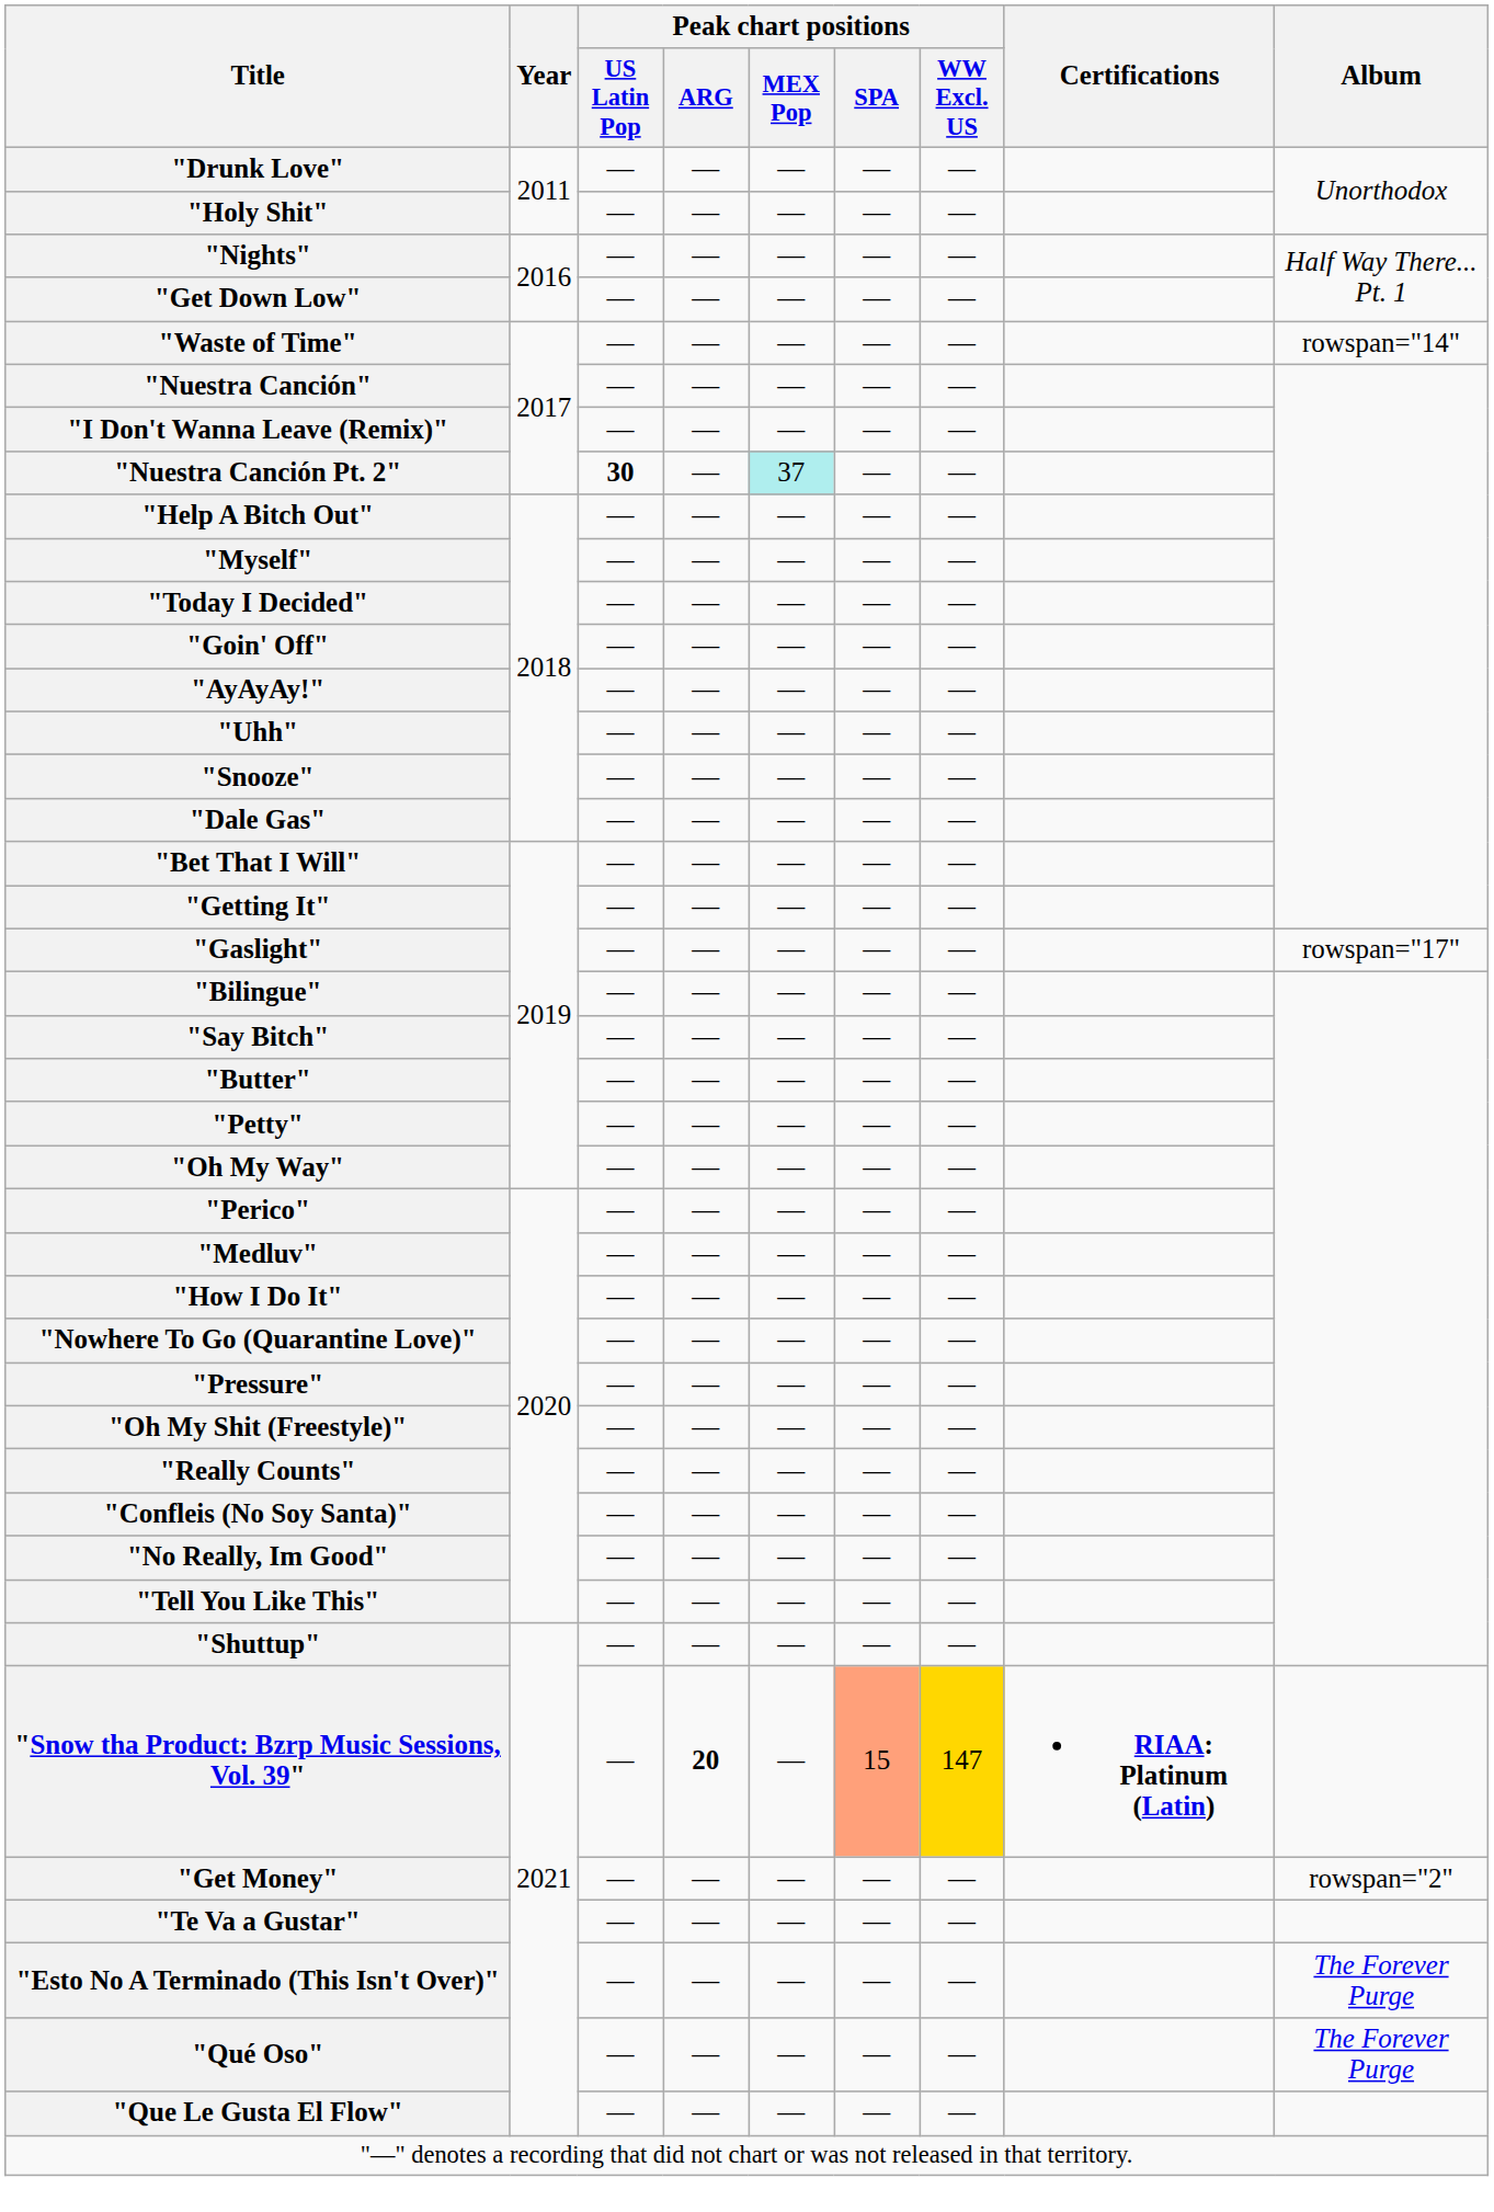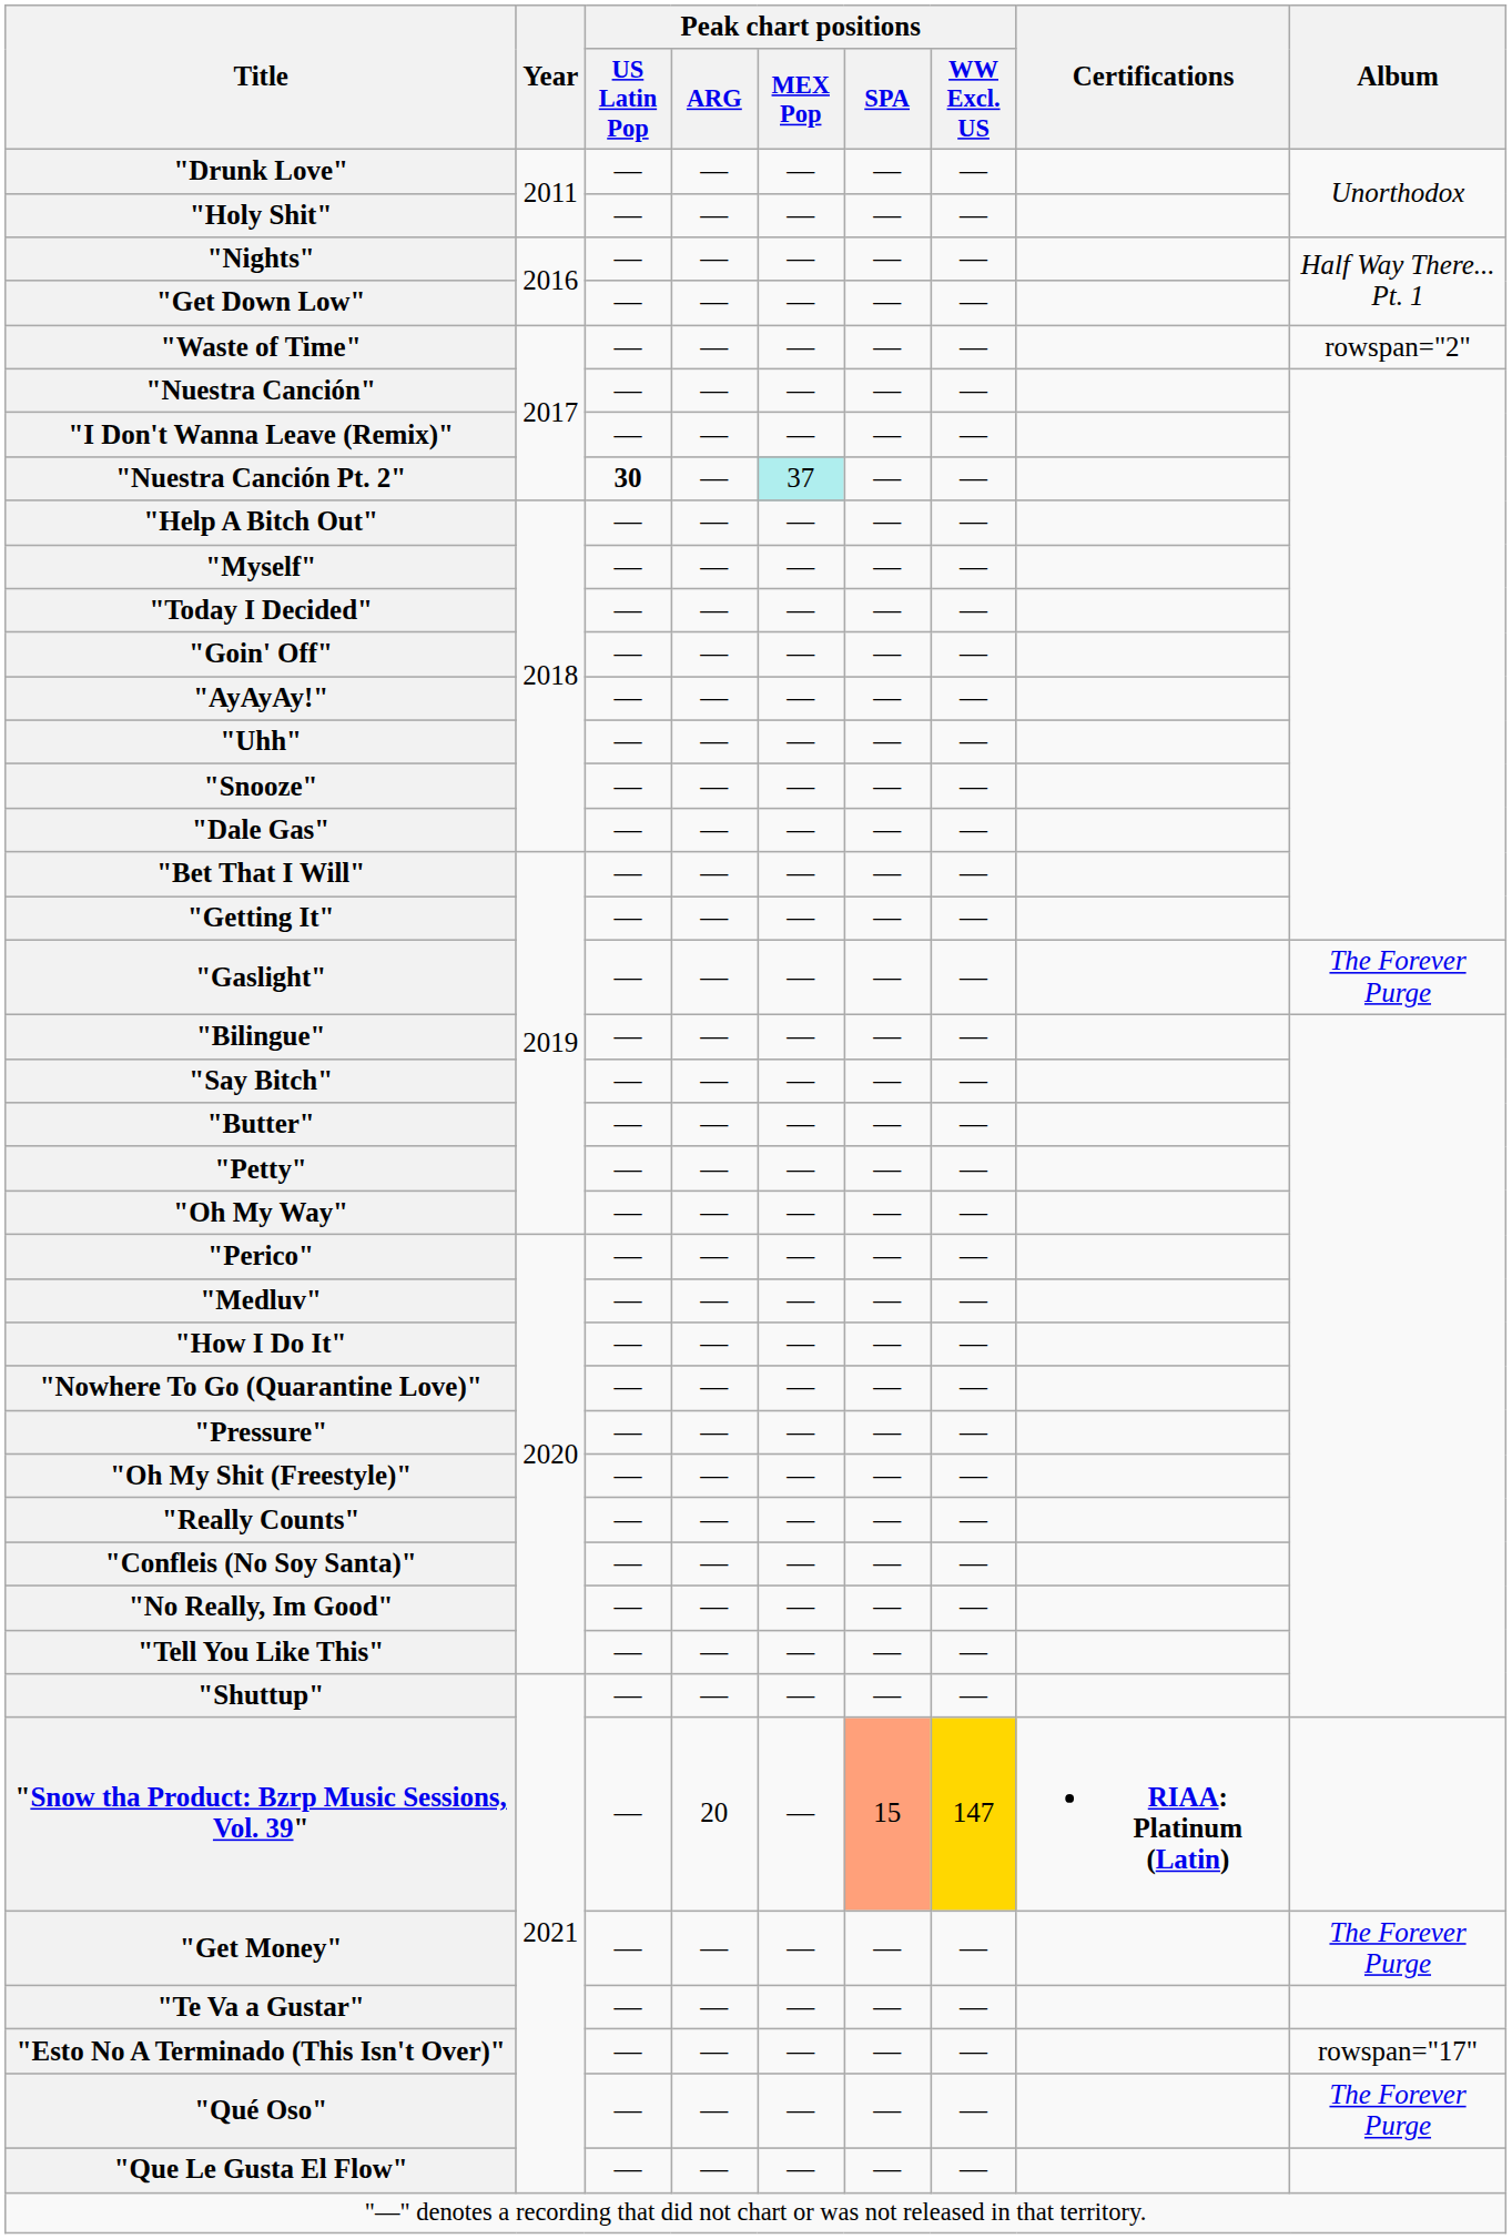 <table class="wikitable plainrowheaders" style="text-align:center;">
 <tr>
 <th scope="col" rowspan="2" style="width:18em;">Title</th>
 <th scope="col" rowspan="2">Year</th>
 <th scope="col" colspan="5">Peak chart positions</th>
 <th scope="col" rowspan="2">Certifications</th>
 <th scope="col" rowspan="2">Album</th>
 </tr>
 <tr>
 <th scope="col" style="width:3em;font-size:90%;"><a href='#'>US<br>Latin<br>Pop</a><br></th>
 <th scope="col" style="width:3em;font-size:90%;"><a href='#'>ARG</a><br></th>
 <th scope="col" style="width:3em;font-size:90%;"><a href='#'>MEX<br>Pop</a><br></th>
 <th scope="col" style="width:3em;font-size:90%;"><a href='#'>SPA</a><br></th>
 <th scope="col" style="width:3em;font-size:90%;"><a href='#'>WW<br>Excl.<br>US</a><br></th>
 </tr>
 <tr>
 <th scope="row">"Drunk Love"</th>
 <td rowspan="2">2011</td>
 <td>—</td>
 <td>—</td>
 <td>—</td>
 <td>—</td>
 <td>—</td>
 <td></td>
 <td rowspan="2"><em>Unorthodox</em></td>
 </tr>
 <tr>
 <th scope="row">"Holy Shit"</th>
 <td>—</td>
 <td>—</td>
 <td>—</td>
 <td>—</td>
 <td>—</td>
 <td></td>
 </tr>
 <tr>
 <th scope="row">"Nights"<br></th>
 <td rowspan="2">2016</td>
 <td>—</td>
 <td>—</td>
 <td>—</td>
 <td>—</td>
 <td>—</td>
 <td></td>
 <td rowspan="2"><em>Half Way There... Pt. 1</em></td>
 </tr>
 <tr>
 <th scope="row">"Get Down Low"</th>
 <td>—</td>
 <td>—</td>
 <td>—</td>
 <td>—</td>
 <td>—</td>
 <td></td>
 </tr>
 <tr>
 <th scope="row">"Waste of Time"</th>
 <td rowspan="4">2017</td>
 <td>—</td>
 <td>—</td>
 <td>—</td>
 <td>—</td>
 <td>—</td>
 <td></td>
-<td>rowspan="14" </td>
+<td>rowspan="2" </td>
 </tr>
 <tr>
 <th scope="row">"Nuestra Canción"<br></th>
 <td>—</td>
 <td>—</td>
 <td>—</td>
 <td>—</td>
 <td>—</td>
 <td></td>
 </tr>
 <tr>
 <th scope="row">"I Don't Wanna Leave (Remix)"<br></th>
 <td>—</td>
 <td>—</td>
 <td>—</td>
 <td>—</td>
 <td>—</td>
 <td></td>
 </tr>
 <tr>
 <th scope="row">"Nuestra Canción Pt. 2"<br></th>
 <td><strong>30</strong></td>
 <td>—</td>
 <td style="background: paleturquoise;">37</td>
 <td>—</td>
 <td>—</td>
 <td></td>
 </tr>
 <tr>
 <th scope="row">"Help A Bitch Out"<br></th>
 <td rowspan="8">2018</td>
 <td>—</td>
 <td>—</td>
 <td>—</td>
 <td>—</td>
 <td>—</td>
 <td></td>
 </tr>
 <tr>
 <th scope="row">"Myself"<br></th>
 <td>—</td>
 <td>—</td>
 <td>—</td>
 <td>—</td>
 <td>—</td>
 <td></td>
 </tr>
 <tr>
 <th scope="row">"Today I Decided"</th>
 <td>—</td>
 <td>—</td>
 <td>—</td>
 <td>—</td>
 <td>—</td>
 <td></td>
 </tr>
 <tr>
 <th scope="row">"Goin' Off"</th>
 <td>—</td>
 <td>—</td>
 <td>—</td>
 <td>—</td>
 <td>—</td>
 <td></td>
 </tr>
 <tr>
 <th scope="row">"AyAyAy!"</th>
 <td>—</td>
 <td>—</td>
 <td>—</td>
 <td>—</td>
 <td>—</td>
 <td></td>
 </tr>
 <tr>
 <th scope="row">"Uhh"</th>
 <td>—</td>
 <td>—</td>
 <td>—</td>
 <td>—</td>
 <td>—</td>
 <td></td>
 </tr>
 <tr>
 <th scope="row">"Snooze"</th>
 <td>—</td>
 <td>—</td>
 <td>—</td>
 <td>—</td>
 <td>—</td>
 <td></td>
 </tr>
 <tr>
 <th scope="row">"Dale Gas"<br></th>
 <td>—</td>
 <td>—</td>
 <td>—</td>
 <td>—</td>
 <td>—</td>
 <td></td>
 </tr>
 <tr>
 <th scope="row">"Bet That I Will"</th>
 <td rowspan="8">2019</td>
 <td>—</td>
 <td>—</td>
 <td>—</td>
 <td>—</td>
 <td>—</td>
 <td></td>
 </tr>
 <tr>
 <th scope="row">"Getting It"</th>
 <td>—</td>
 <td>—</td>
 <td>—</td>
 <td>—</td>
 <td>—</td>
 <td></td>
 </tr>
 <tr>
 <th scope="row">"Gaslight"</th>
 <td>—</td>
 <td>—</td>
 <td>—</td>
 <td>—</td>
 <td>—</td>
 <td></td>
-<td>rowspan="17" </td>
+<td><em><a href='#'>The Forever Purge</a></em></td>
 </tr>
 <tr>
 <th scope="row">"Bilingue"</th>
 <td>—</td>
 <td>—</td>
 <td>—</td>
 <td>—</td>
 <td>—</td>
 <td></td>
 </tr>
 <tr>
 <th scope="row">"Say Bitch"</th>
 <td>—</td>
 <td>—</td>
 <td>—</td>
 <td>—</td>
 <td>—</td>
 <td></td>
 </tr>
 <tr>
 <th scope="row">"Butter"</th>
 <td>—</td>
 <td>—</td>
 <td>—</td>
 <td>—</td>
 <td>—</td>
 <td></td>
 </tr>
 <tr>
 <th scope="row">"Petty"</th>
 <td>—</td>
 <td>—</td>
 <td>—</td>
 <td>—</td>
 <td>—</td>
 <td></td>
 </tr>
 <tr>
 <th scope="row">"Oh My Way"<br></th>
 <td>—</td>
 <td>—</td>
 <td>—</td>
 <td>—</td>
 <td>—</td>
 <td></td>
 </tr>
 <tr>
 <th scope="row">"Perico"</th>
 <td rowspan="10">2020</td>
 <td>—</td>
 <td>—</td>
 <td>—</td>
 <td>—</td>
 <td>—</td>
 <td></td>
 </tr>
 <tr>
 <th scope="row">"Medluv"</th>
 <td>—</td>
 <td>—</td>
 <td>—</td>
 <td>—</td>
 <td>—</td>
 <td></td>
 </tr>
 <tr>
 <th scope="row">"How I Do It"</th>
 <td>—</td>
 <td>—</td>
 <td>—</td>
 <td>—</td>
 <td>—</td>
 <td></td>
 </tr>
 <tr>
 <th scope="row">"Nowhere To Go (Quarantine Love)"</th>
 <td>—</td>
 <td>—</td>
 <td>—</td>
 <td>—</td>
 <td>—</td>
 <td></td>
 </tr>
 <tr>
 <th scope="row">"Pressure"</th>
 <td>—</td>
 <td>—</td>
 <td>—</td>
 <td>—</td>
 <td>—</td>
 <td></td>
 </tr>
 <tr>
 <th scope="row">"Oh My Shit (Freestyle)"</th>
 <td>—</td>
 <td>—</td>
 <td>—</td>
 <td>—</td>
 <td>—</td>
 <td></td>
 </tr>
 <tr>
 <th scope="row">"Really Counts"</th>
 <td>—</td>
 <td>—</td>
 <td>—</td>
 <td>—</td>
 <td>—</td>
 <td></td>
 </tr>
 <tr>
 <th scope="row">"Confleis (No Soy Santa)"</th>
 <td>—</td>
 <td>—</td>
 <td>—</td>
 <td>—</td>
 <td>—</td>
 <td></td>
 </tr>
 <tr>
 <th scope="row">"No Really, Im Good"</th>
 <td>—</td>
 <td>—</td>
 <td>—</td>
 <td>—</td>
 <td>—</td>
 <td></td>
 </tr>
 <tr>
 <th scope="row">"Tell You Like This"</th>
 <td>—</td>
 <td>—</td>
 <td>—</td>
 <td>—</td>
 <td>—</td>
 <td></td>
 </tr>
 <tr>
 <th scope="row">"Shuttup"</th>
 <td rowspan="7">2021</td>
 <td>—</td>
 <td>—</td>
 <td>—</td>
 <td>—</td>
 <td>—</td>
 <td></td>
 </tr>
 <tr>
 <th scope="row">"<a href='#'>Snow tha Product: Bzrp Music Sessions, Vol. 39</a>"<br></th>
 <td>—</td>
-<td><strong>20</strong></td>
+<td>20</td>
 <td>—</td>
 <td style="background: lightsalmon;">15</td>
 <td style="background: gold;">147</td>
 <td><strong><br><ul><li><a href='#'>RIAA</a>: Platinum (<a href='#'>Latin</a>)</li></ul></strong></td>
 <td></td>
 </tr>
 <tr>
 <th scope="row">"Get Money"<br></th>
 <td>—</td>
 <td>—</td>
 <td>—</td>
 <td>—</td>
 <td>—</td>
 <td></td>
-<td>rowspan="2" </td>
+<td><em><a href='#'>The Forever Purge</a></em></td>
 </tr>
 <tr>
 <th scope="row">"Te Va a Gustar"<br></th>
 <td>—</td>
 <td>—</td>
 <td>—</td>
 <td>—</td>
 <td>—</td>
 <td></td>
 </tr>
 <tr>
 <th scope="row">"Esto No A Terminado (This Isn't Over)"<br></th>
 <td>—</td>
 <td>—</td>
 <td>—</td>
 <td>—</td>
 <td>—</td>
 <td></td>
-<td><em><a href='#'>The Forever Purge</a></em></td>
+<td>rowspan="17" </td>
 </tr>
 <tr>
 <th scope="row">"Qué Oso"</th>
 <td>—</td>
 <td>—</td>
 <td>—</td>
 <td>—</td>
 <td>—</td>
 <td></td>
 <td><em><a href='#'>The Forever Purge</a></em></td>
 </tr>
 <tr>
 <th scope="row">"Que Le Gusta El Flow"<br></th>
 <td>—</td>
 <td>—</td>
 <td>—</td>
 <td>—</td>
 <td>—</td>
 <td></td>
 </tr>
 <tr>
 <td colspan="9" style="font-size:90%">"—" denotes a recording that did not chart or was not released in that territory.</td>
 </tr>
 </table>
